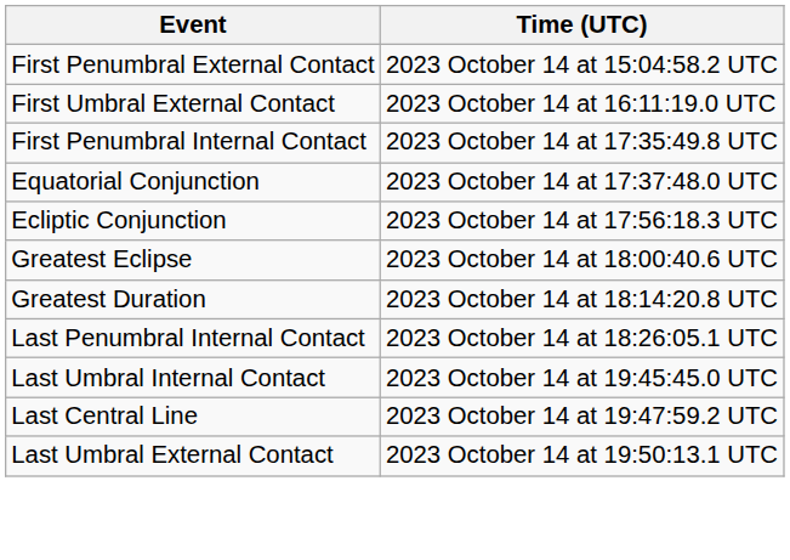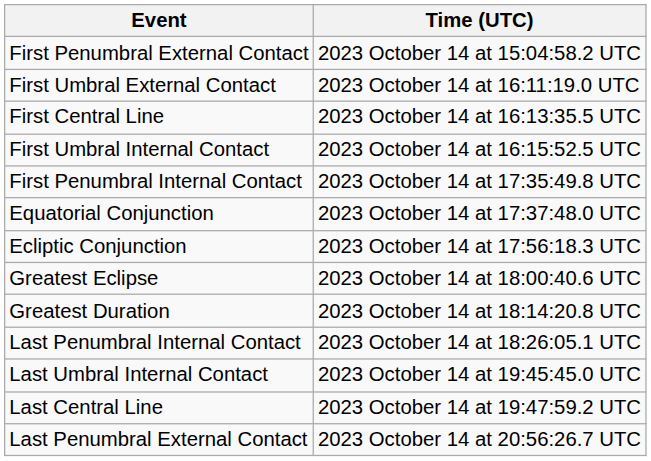 <table class="wikitable">
 <tr>
 <th>Event</th>
 <th>Time (UTC)</th>
 </tr>
 <tr>
 <td>First Penumbral External Contact</td>
 <td>2023 October 14 at 15:04:58.2 UTC</td>
 </tr>
 <tr>
 <td>First Umbral External Contact</td>
 <td>2023 October 14 at 16:11:19.0 UTC</td>
+</tr>
+<tr>
+<td>First Central Line</td>
+<td>2023 October 14 at 16:13:35.5 UTC</td>
+</tr>
+<tr>
+<td>First Umbral Internal Contact</td>
+<td>2023 October 14 at 16:15:52.5 UTC</td>
 </tr>
 <tr>
 <td>First Penumbral Internal Contact</td>
 <td>2023 October 14 at 17:35:49.8 UTC</td>
 </tr>
 <tr>
 <td>Equatorial Conjunction</td>
 <td>2023 October 14 at 17:37:48.0 UTC</td>
 </tr>
 <tr>
 <td>Ecliptic Conjunction</td>
 <td>2023 October 14 at 17:56:18.3 UTC</td>
 </tr>
 <tr>
 <td>Greatest Eclipse</td>
 <td>2023 October 14 at 18:00:40.6 UTC</td>
 </tr>
 <tr>
 <td>Greatest Duration</td>
 <td>2023 October 14 at 18:14:20.8 UTC</td>
 </tr>
 <tr>
 <td>Last Penumbral Internal Contact</td>
 <td>2023 October 14 at 18:26:05.1 UTC</td>
 </tr>
 <tr>
 <td>Last Umbral Internal Contact</td>
 <td>2023 October 14 at 19:45:45.0 UTC</td>
 </tr>
 <tr>
 <td>Last Central Line</td>
 <td>2023 October 14 at 19:47:59.2 UTC</td>
 </tr>
 <tr>
-<td>Last Umbral External Contact</td>
-<td>2023 October 14 at 19:50:13.1 UTC</td>
+<td>Last Penumbral External Contact</td>
+<td>2023 October 14 at 20:56:26.7 UTC</td>
 </tr>
 </table>
